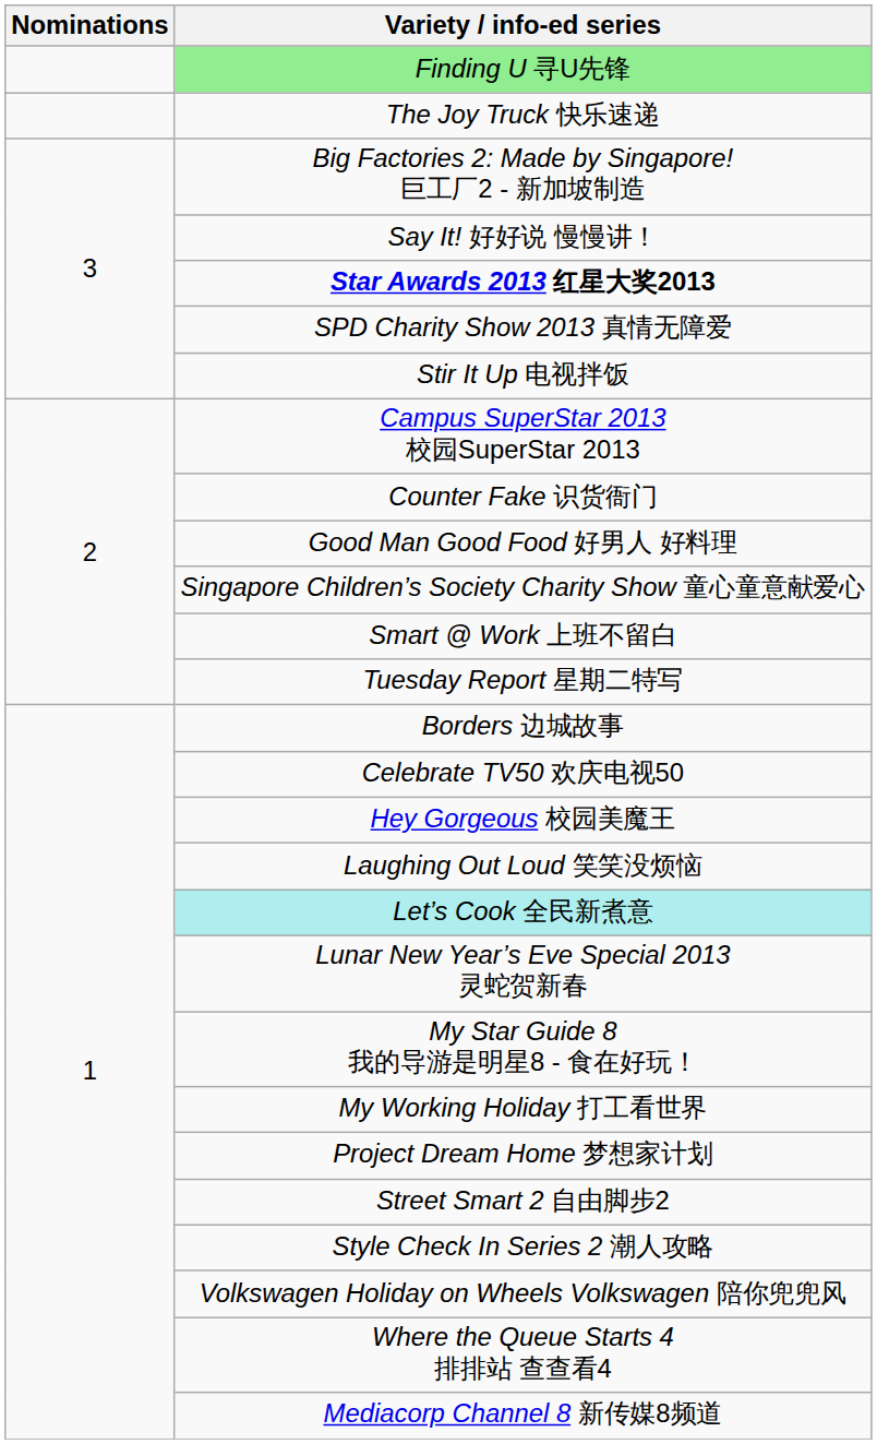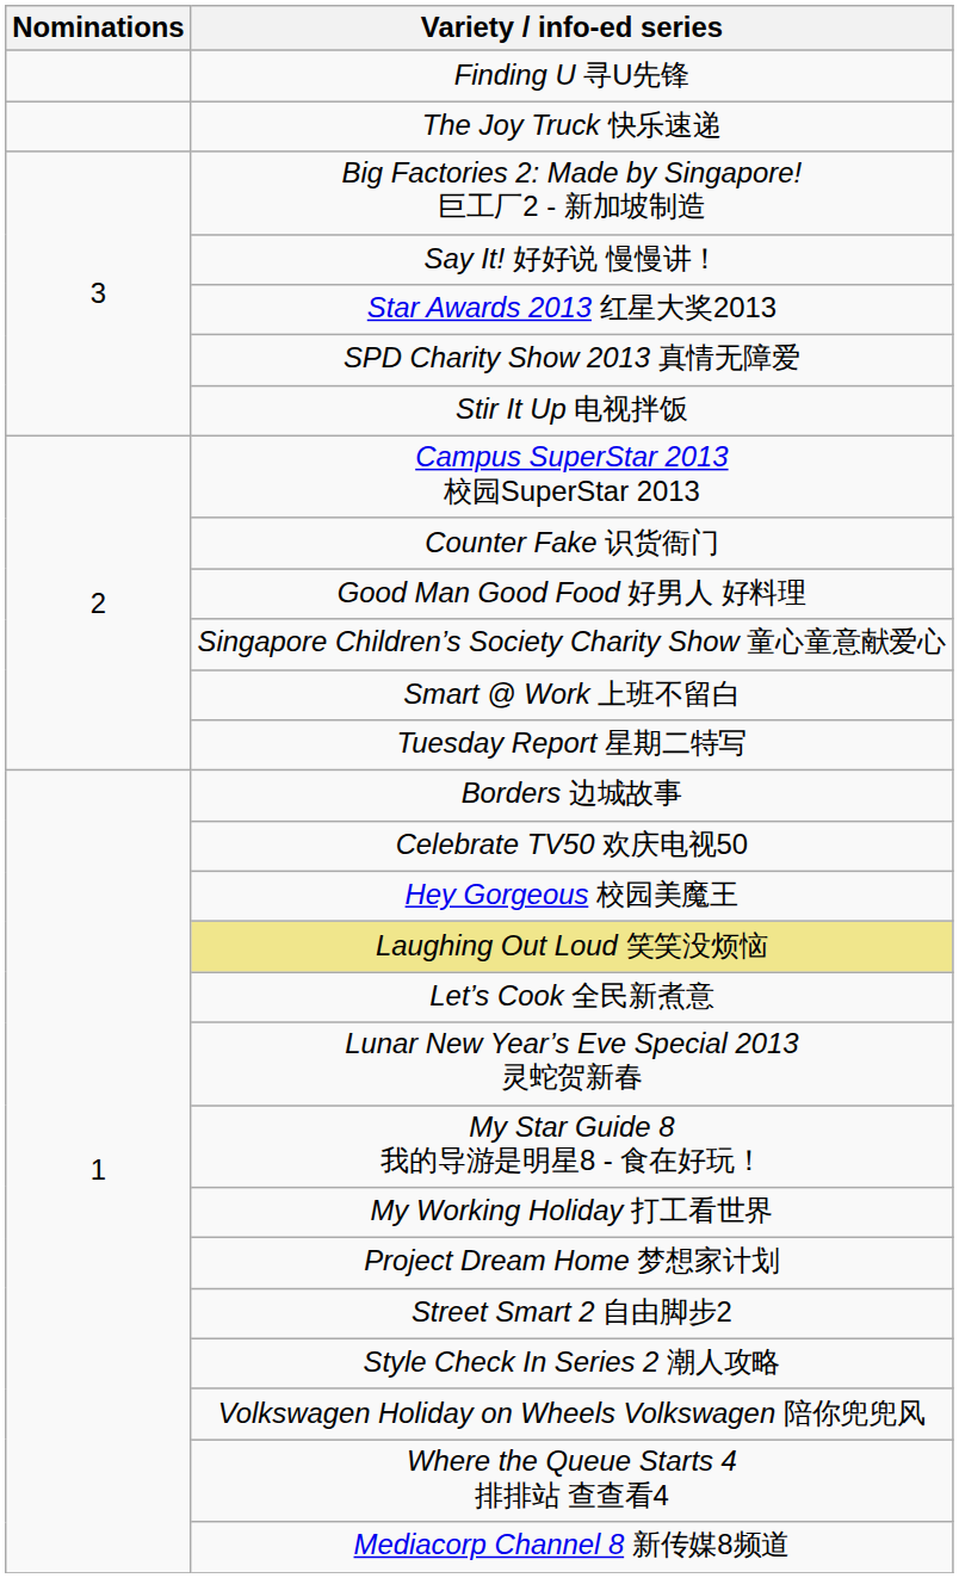 <table class="wikitable" style="text-align: center">
 <tr>
 <th scope="col" width="55">Nominations</th>
 <th scope="col" align="center">Variety / info-ed series</th>
 </tr>
 <tr>
 <td></td>
-<td style="background: lightgreen;"><em>Finding U</em> 寻U先锋</td>
+<td><em>Finding U</em> 寻U先锋</td>
 </tr>
 <tr>
 <td></td>
 <td><em>The Joy Truck</em> 快乐速递</td>
 </tr>
 <tr>
 <td rowspan="5" style="text-align:center;">3</td>
 <td><em>Big Factories 2: Made by Singapore!</em> <br> 巨工厂2 - 新加坡制造</td>
 </tr>
 <tr>
 <td><em>Say It!</em> 好好说 慢慢讲！</td>
 </tr>
 <tr>
-<td><strong><em><a href='#'>Star Awards 2013</a></em> 红星大奖2013</strong></td>
+<td><em><a href='#'>Star Awards 2013</a></em> 红星大奖2013</td>
 </tr>
 <tr>
 <td><em>SPD Charity Show 2013</em> 真情无障爱</td>
 </tr>
 <tr>
 <td><em>Stir It Up</em> 电视拌饭</td>
 </tr>
 <tr>
 <td rowspan="6" style="text-align:center;">2</td>
 <td><em><a href='#'>Campus SuperStar 2013</a></em> <br> 校园SuperStar 2013</td>
 </tr>
 <tr>
 <td><em>Counter Fake</em> 识货衙门</td>
 </tr>
 <tr>
 <td><em>Good Man Good Food</em> 好男人 好料理</td>
 </tr>
 <tr>
 <td><em>Singapore Children’s Society Charity Show</em> 童心童意献爱心</td>
 </tr>
 <tr>
 <td><em>Smart @ Work</em> 上班不留白</td>
 </tr>
 <tr>
 <td><em>Tuesday Report</em> 星期二特写</td>
 </tr>
 <tr>
 <td rowspan="14" style="text-align:center;">1</td>
 <td><em>Borders</em> 边城故事</td>
 </tr>
 <tr>
 <td><em>Celebrate TV50</em> 欢庆电视50</td>
 </tr>
 <tr>
 <td><em><a href='#'>Hey Gorgeous</a></em> 校园美魔王</td>
 </tr>
 <tr>
-<td><em>Laughing Out Loud</em> 笑笑没烦恼</td>
+<td style="background: khaki;"><em>Laughing Out Loud</em> 笑笑没烦恼</td>
 </tr>
 <tr>
-<td style="background: paleturquoise;"><em>Let’s Cook</em> 全民新煮意</td>
+<td><em>Let’s Cook</em> 全民新煮意</td>
 </tr>
 <tr>
 <td><em>Lunar New Year’s Eve Special 2013</em> <br> 灵蛇贺新春</td>
 </tr>
 <tr>
 <td><em>My Star Guide 8</em> <br> 我的导游是明星8 - 食在好玩！</td>
 </tr>
 <tr>
 <td><em>My Working Holiday</em> 打工看世界</td>
 </tr>
 <tr>
 <td><em>Project Dream Home</em> 梦想家计划</td>
 </tr>
 <tr>
 <td><em>Street Smart 2</em> 自由脚步2</td>
 </tr>
 <tr>
 <td><em>Style Check In Series 2</em> 潮人攻略</td>
 </tr>
 <tr>
 <td><em>Volkswagen Holiday on Wheels Volkswagen</em> 陪你兜兜风</td>
 </tr>
 <tr>
 <td><em>Where the Queue Starts 4</em> <br> 排排站 查查看4</td>
 </tr>
 <tr>
 <td><em><a href='#'>Mediacorp Channel 8</a></em> 新传媒8频道</td>
 </tr>
 </table>
